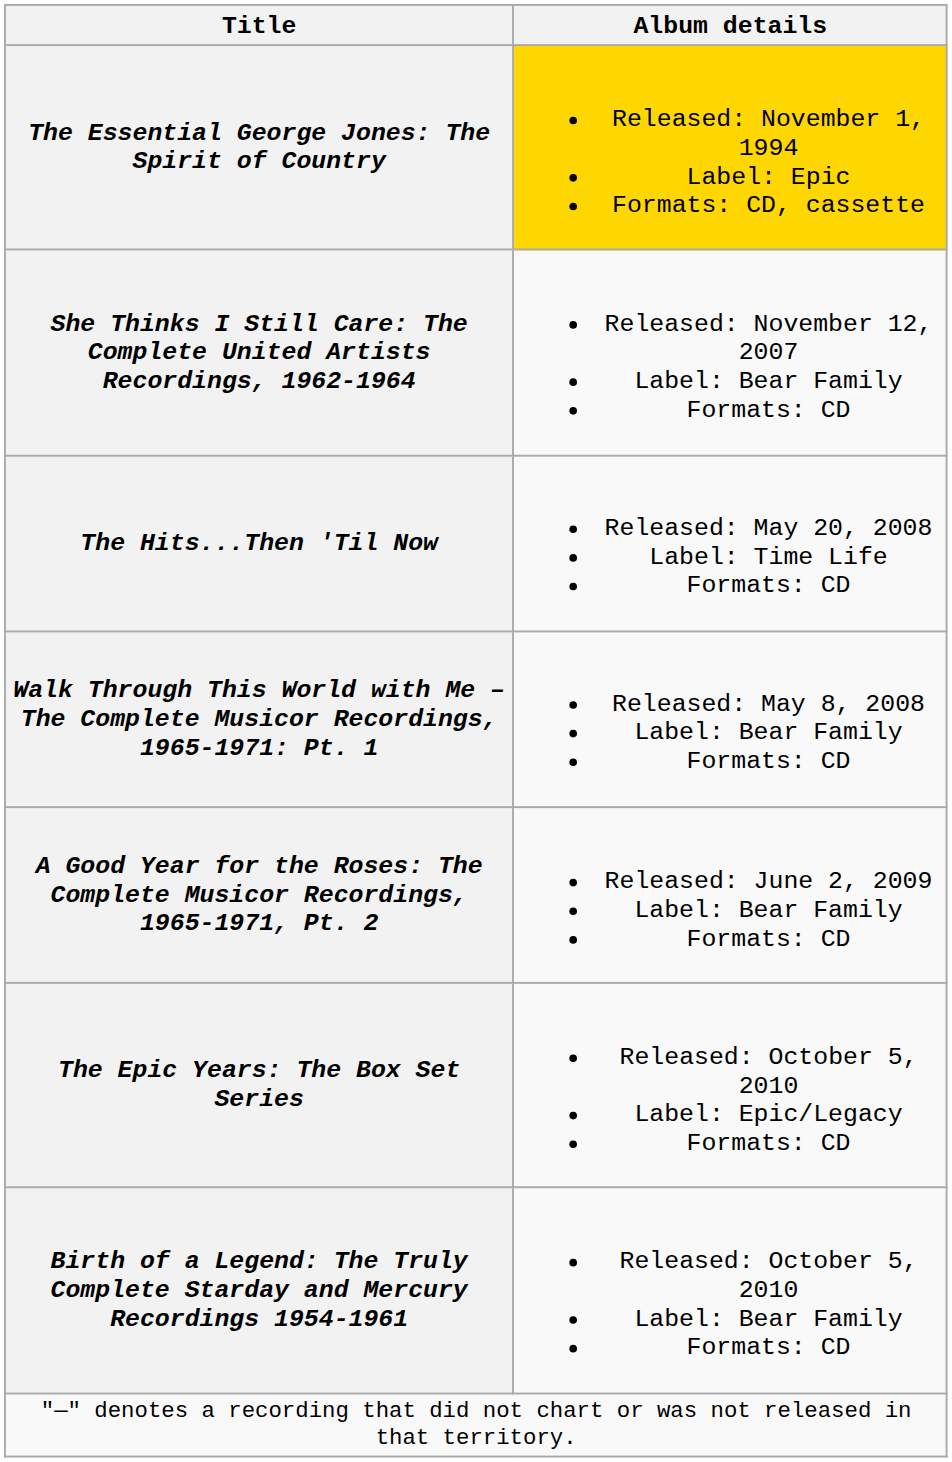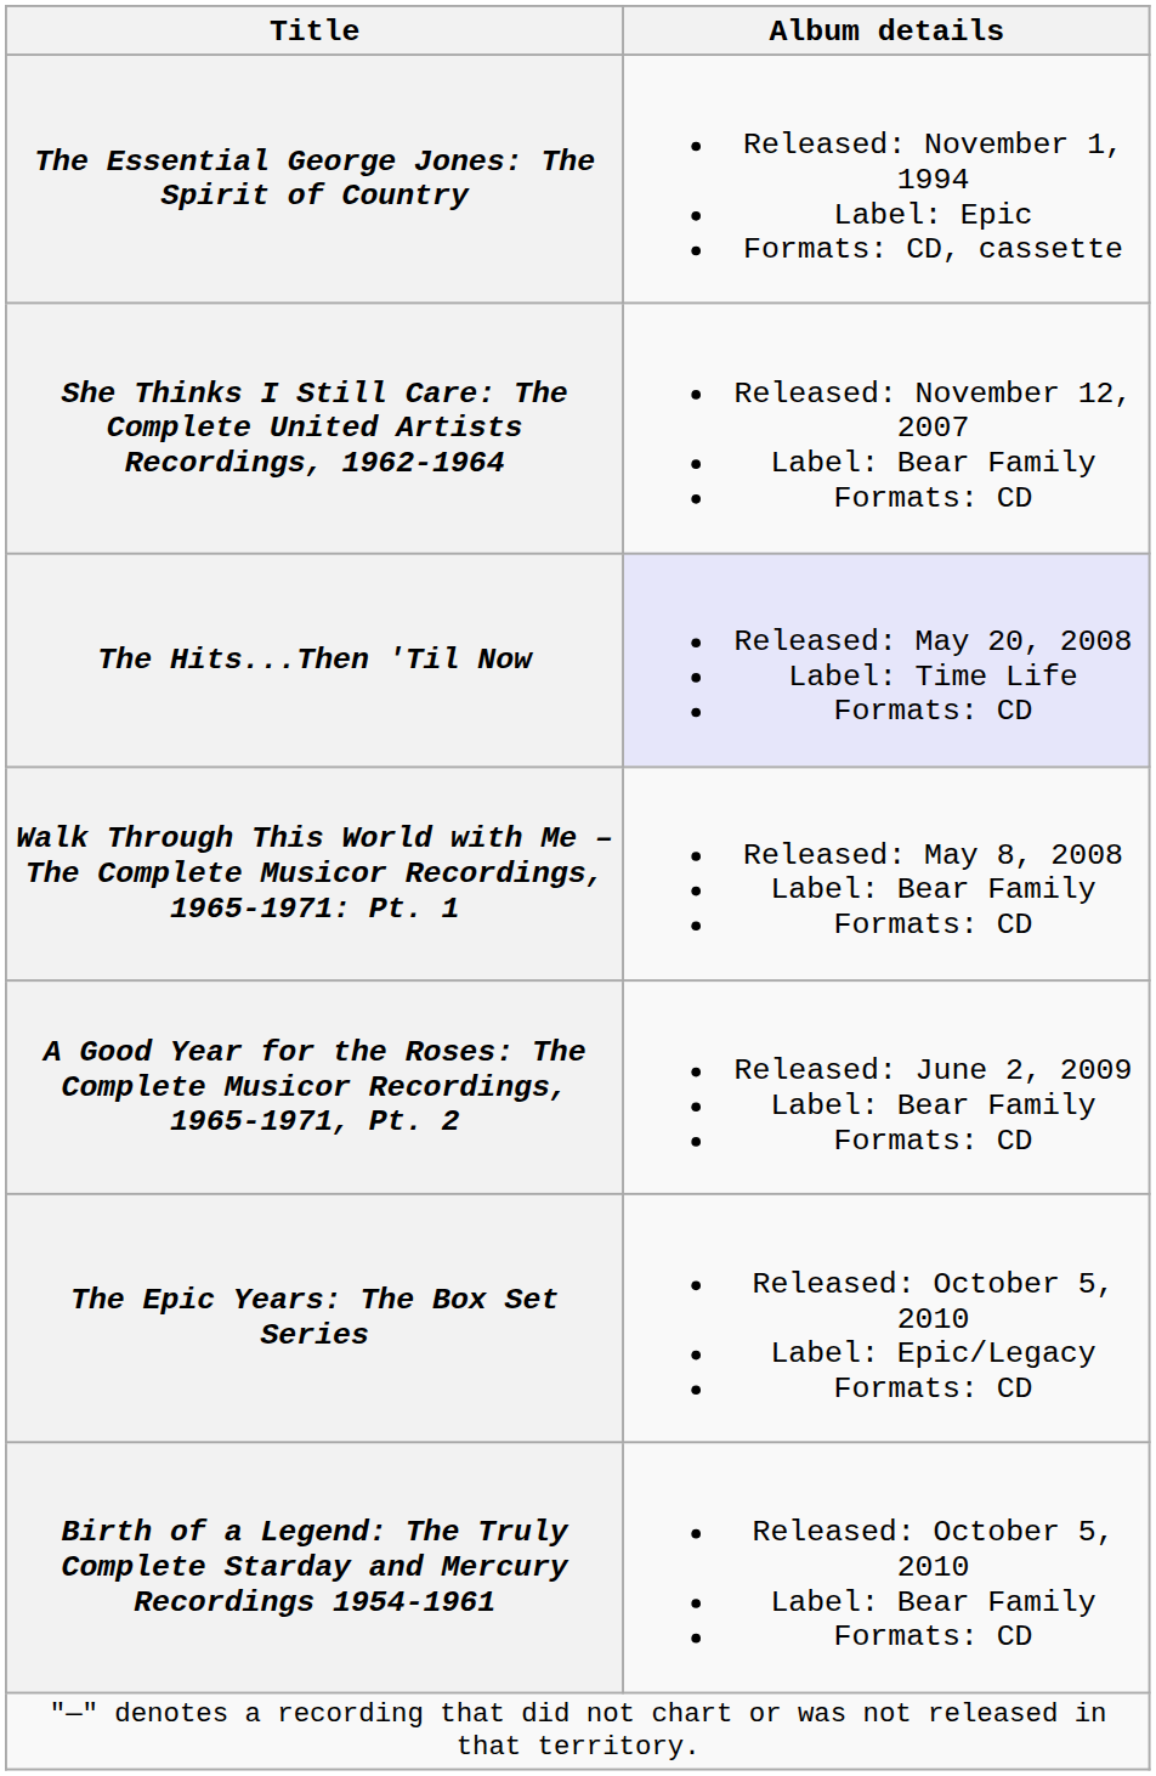 <table class="wikitable plainrowheaders" style="text-align:center;">
 <tr>
 <th scope="col" style="width:20em;">Title</th>
 <th scope="col" style="width:17em;">Album details</th>
 </tr>
 <tr>
 <th scope="row"><em>The Essential George Jones: The Spirit of Country</em></th>
-<td style="background: gold;"><br><ul><li>Released: November 1, 1994</li><li>Label: Epic</li><li>Formats: CD, cassette</li></ul></td>
+<td><br><ul><li>Released: November 1, 1994</li><li>Label: Epic</li><li>Formats: CD, cassette</li></ul></td>
 </tr>
 <tr>
 <th scope="row"><em>She Thinks I Still Care: The Complete United Artists Recordings, 1962-1964</em></th>
 <td><br><ul><li>Released: November 12, 2007</li><li>Label: Bear Family</li><li>Formats: CD</li></ul></td>
 </tr>
 <tr>
 <th scope="row"><em>The Hits...Then 'Til Now</em></th>
-<td><br><ul><li>Released: May 20, 2008</li><li>Label: Time Life</li><li>Formats: CD</li></ul></td>
+<td style="background: lavender;"><br><ul><li>Released: May 20, 2008</li><li>Label: Time Life</li><li>Formats: CD</li></ul></td>
 </tr>
 <tr>
 <th scope="row"><em>Walk Through This World with Me – The Complete Musicor Recordings, 1965-1971: Pt. 1</em></th>
 <td><br><ul><li>Released: May 8, 2008</li><li>Label: Bear Family</li><li>Formats: CD</li></ul></td>
 </tr>
 <tr>
 <th scope="row"><em>A Good Year for the Roses: The Complete Musicor Recordings, 1965-1971, Pt. 2</em></th>
 <td><br><ul><li>Released: June 2, 2009</li><li>Label: Bear Family</li><li>Formats: CD</li></ul></td>
 </tr>
 <tr>
 <th scope="row"><em>The Epic Years: The Box Set Series</em></th>
 <td><br><ul><li>Released: October 5, 2010</li><li>Label: Epic/Legacy</li><li>Formats: CD</li></ul></td>
 </tr>
 <tr>
 <th scope="row"><em>Birth of a Legend: The Truly Complete Starday and Mercury Recordings 1954-1961</em></th>
 <td><br><ul><li>Released: October 5, 2010</li><li>Label: Bear Family</li><li>Formats: CD</li></ul></td>
 </tr>
 <tr>
 <td colspan="5" style="font-size:90%">"—" denotes a recording that did not chart or was not released in that territory.</td>
 </tr>
 </table>
